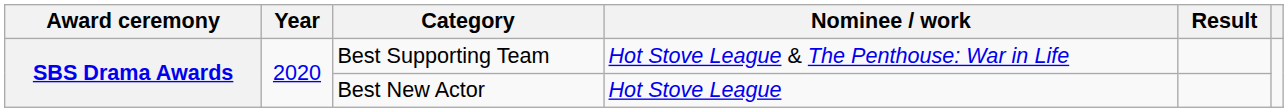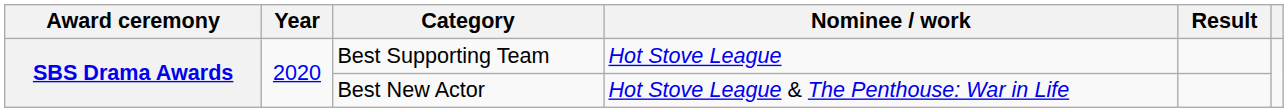 <table class="wikitable plainrowheaders sortable" style="width:75%">
 <tr>
 <th scope="col">Award ceremony</th>
 <th scope="col">Year</th>
 <th scope="col">Category</th>
 <th scope="col">Nominee / work</th>
 <th scope="col">Result</th>
 <th scope="col" class="unsortable"></th>
 </tr>
 <tr>
 <th scope="row" rowspan="2"><a href='#'>SBS Drama Awards</a></th>
 <td rowspan="2" style="text-align:center"><a href='#'>2020</a></td>
 <td>Best Supporting Team </td>
-<td><em><a href='#'>Hot Stove League</a></em> & <em><a href='#'>The Penthouse: War in Life</a></em></td>
+<td><em><a href='#'>Hot Stove League</a></em></td>
 <td></td>
 <td rowspan="2" style="text-align:center"></td>
 </tr>
 <tr>
 <td>Best New Actor</td>
-<td><em><a href='#'>Hot Stove League</a></em></td>
+<td><em><a href='#'>Hot Stove League</a></em> & <em><a href='#'>The Penthouse: War in Life</a></em></td>
 <td></td>
 </tr>
 </table>
